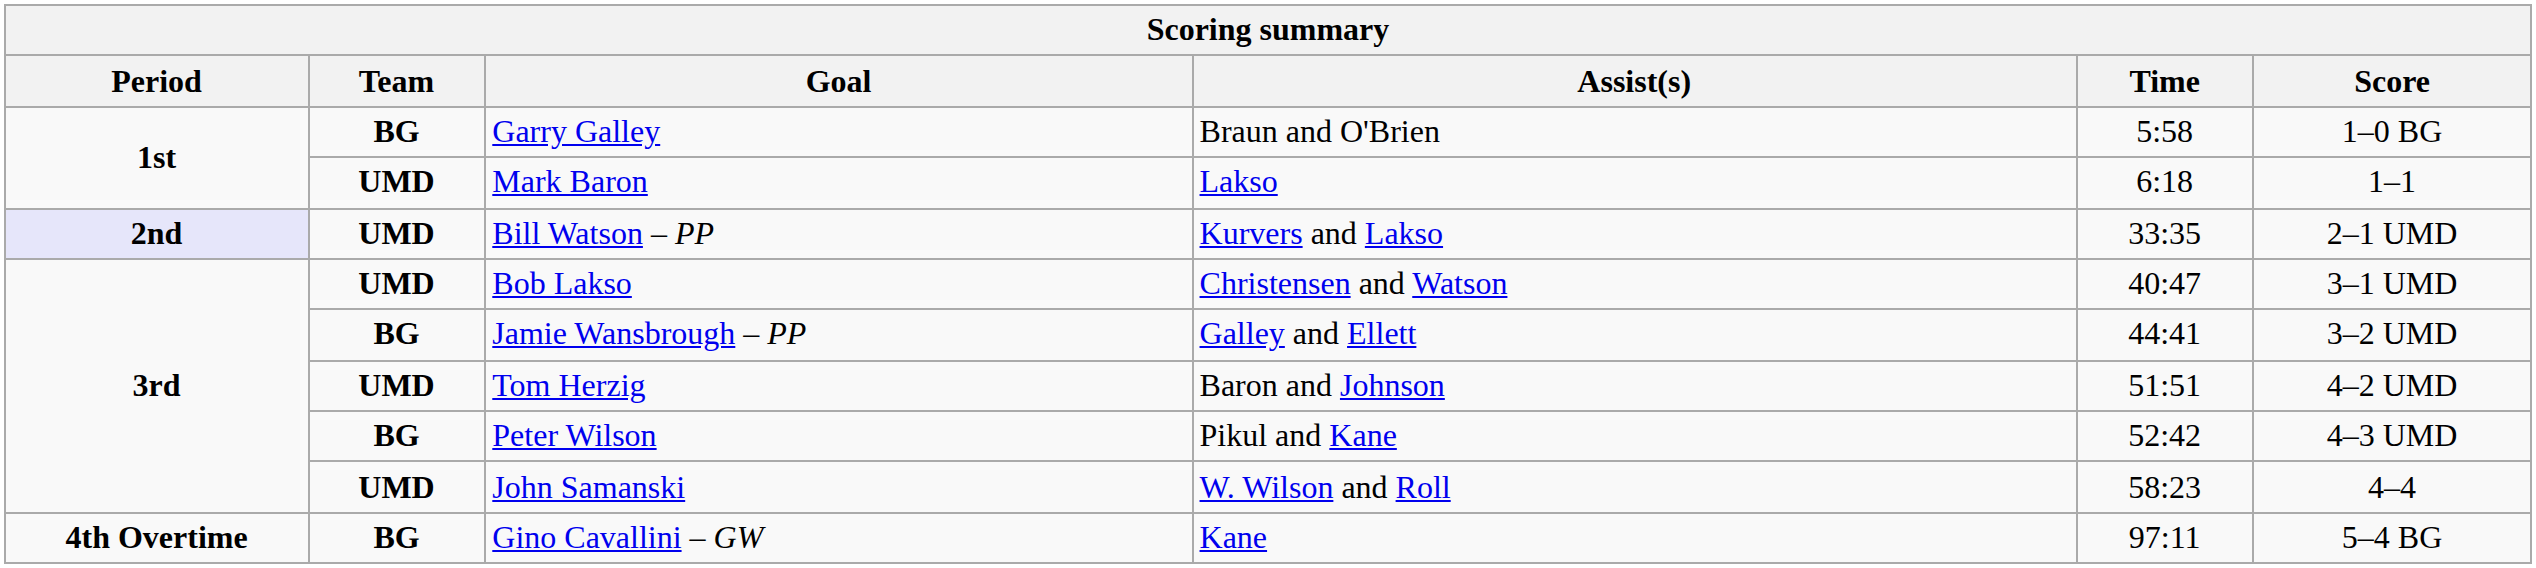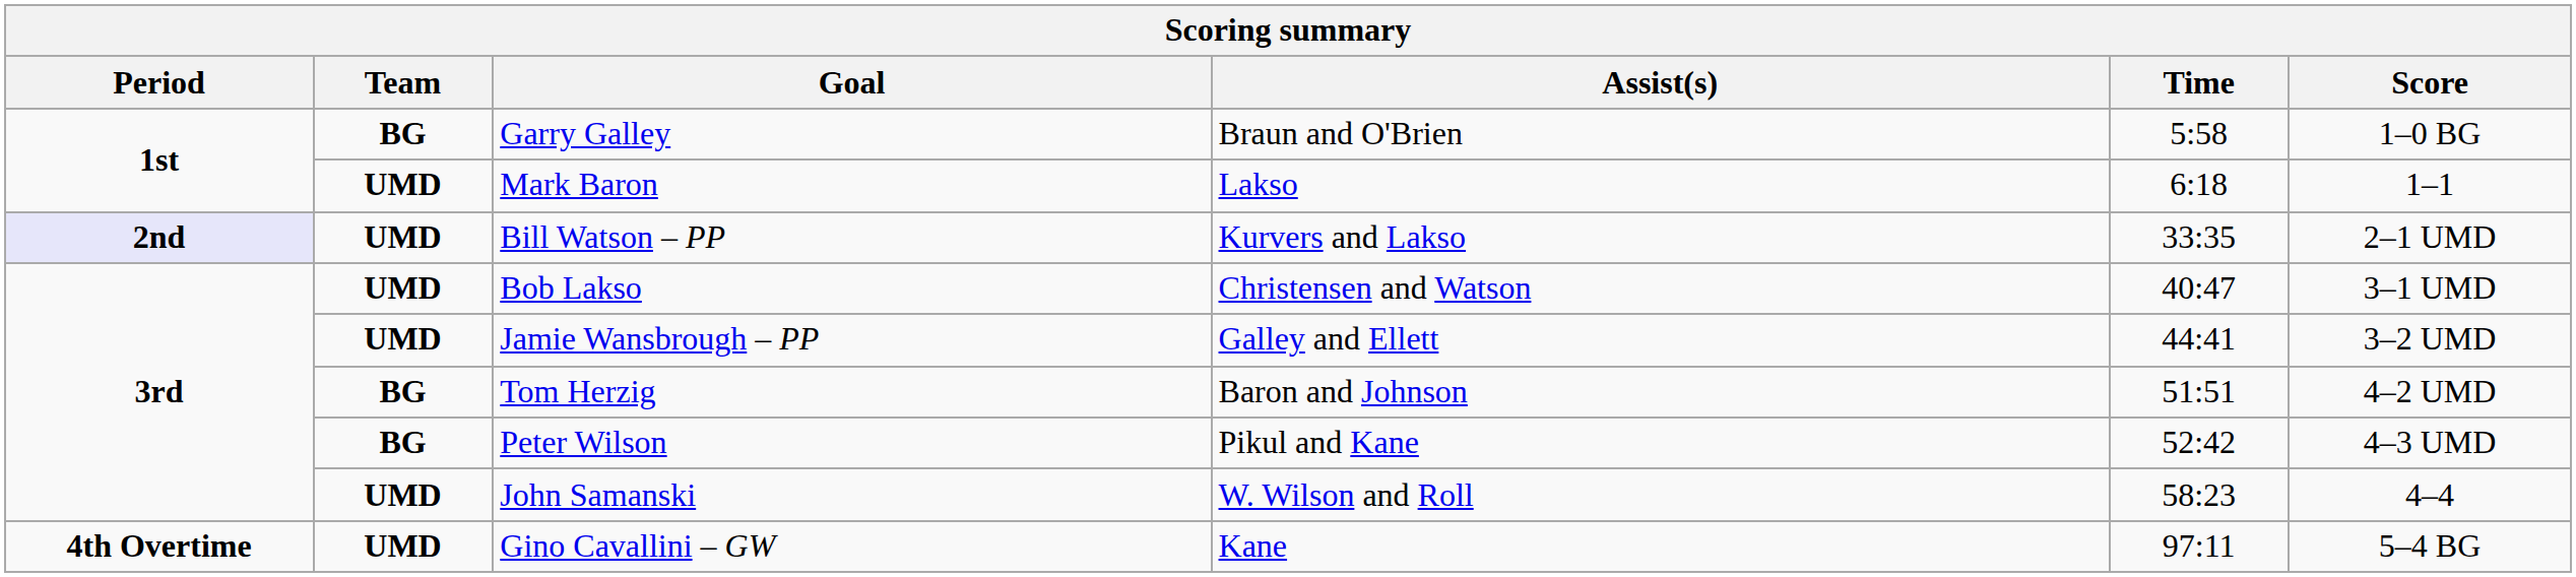 <table style="width:100%;" class="wikitable">
 <tr>
 <th colspan=6>Scoring summary</th>
 </tr>
 <tr>
 <th style="width:12%;">Period</th>
 <th style="width:7%;">Team</th>
 <th style="width:28%;">Goal</th>
 <th style="width:35%;">Assist(s)</th>
 <th style="width:7%;">Time</th>
 <th style="width:11%;">Score</th>
 </tr>
 <tr>
 <td style="text-align:center;" rowspan="2"><strong>1st</strong></td>
 <td align=center><strong>BG</strong></td>
 <td><a href='#'>Garry Galley</a></td>
 <td>Braun and O'Brien</td>
 <td align=center>5:58</td>
 <td align=center>1–0 BG</td>
 </tr>
 <tr>
 <td align=center><strong>UMD</strong></td>
 <td><a href='#'>Mark Baron</a></td>
 <td><a href='#'>Lakso</a></td>
 <td align=center>6:18</td>
 <td align=center>1–1</td>
 </tr>
 <tr>
 <td style="background: lavender; text-align:center;" rowspan="1"><strong>2nd</strong></td>
 <td align=center><strong>UMD</strong></td>
 <td><a href='#'>Bill Watson</a> – <em>PP</em></td>
 <td><a href='#'>Kurvers</a> and <a href='#'>Lakso</a></td>
 <td align=center>33:35</td>
 <td align=center>2–1 UMD</td>
 </tr>
 <tr>
 <td style="text-align:center;" rowspan="5"><strong>3rd</strong></td>
 <td align=center><strong>UMD</strong></td>
 <td><a href='#'>Bob Lakso</a></td>
 <td><a href='#'>Christensen</a> and <a href='#'>Watson</a></td>
 <td align=center>40:47</td>
 <td align=center>3–1 UMD</td>
 </tr>
 <tr>
-<td align=center><strong>BG</strong></td>
+<td align=center><strong>UMD</strong></td>
 <td><a href='#'>Jamie Wansbrough</a> – <em>PP</em></td>
 <td><a href='#'>Galley</a> and <a href='#'>Ellett</a></td>
 <td align=center>44:41</td>
 <td align=center>3–2 UMD</td>
 </tr>
 <tr>
-<td align=center><strong>UMD</strong></td>
+<td align=center><strong>BG</strong></td>
 <td><a href='#'>Tom Herzig</a></td>
 <td>Baron and <a href='#'>Johnson</a></td>
 <td align=center>51:51</td>
 <td align=center>4–2 UMD</td>
 </tr>
 <tr>
 <td align=center><strong>BG</strong></td>
 <td><a href='#'>Peter Wilson</a></td>
 <td>Pikul and <a href='#'>Kane</a></td>
 <td align=center>52:42</td>
 <td align=center>4–3 UMD</td>
 </tr>
 <tr>
 <td align=center><strong>UMD</strong></td>
 <td><a href='#'>John Samanski</a></td>
 <td><a href='#'>W. Wilson</a> and <a href='#'>Roll</a></td>
 <td align=center>58:23</td>
 <td align=center>4–4</td>
 </tr>
 <tr>
 <td style="text-align:center;" rowspan="1"><strong>4th Overtime</strong></td>
-<td align=center><strong>BG</strong></td>
+<td align=center><strong>UMD</strong></td>
 <td><a href='#'>Gino Cavallini</a> – <em>GW</em></td>
 <td><a href='#'>Kane</a></td>
 <td align=center>97:11</td>
 <td align=center>5–4 BG</td>
 </tr>
 <tr>
 </tr>
 </table>
